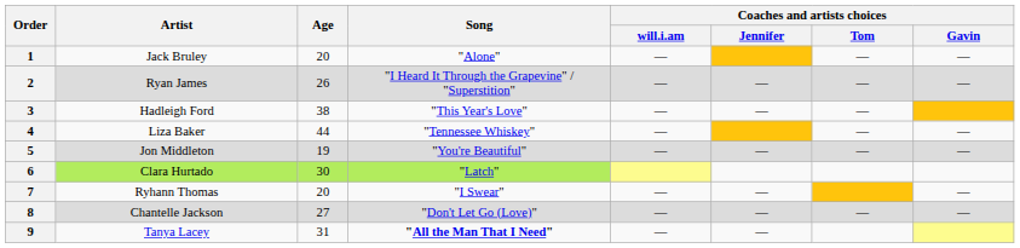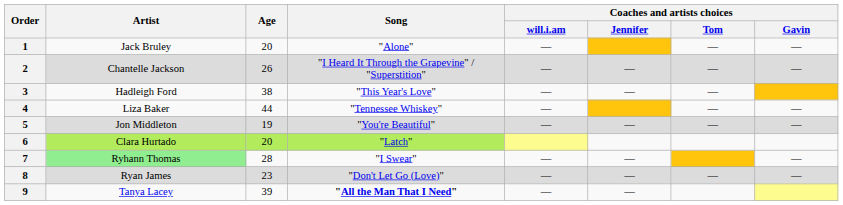 <table class="wikitable" style="text-align:center; width:100%;">
 <tr>
 <th scope="col" rowspan="2" style="width:05%;">Order</th>
 <th scope="col" rowspan="2" style="width:24%;">Artist</th>
 <th scope="col" rowspan="2" style="width:05%;">Age</th>
 <th scope="col" rowspan="2" style="width:26%;">Song</th>
 <th colspan="4" style="width:40%;">Coaches and artists choices</th>
 </tr>
 <tr>
 <th style="width:10%;"><a href='#'>will.i.am</a></th>
 <th style="width:10%;"><a href='#'>Jennifer</a></th>
 <th style="width:10%;"><a href='#'>Tom</a></th>
 <th style="width:10%;"><a href='#'>Gavin</a></th>
 </tr>
 <tr>
 <th>1</th>
 <td>Jack Bruley</td>
 <td>20</td>
 <td>"<a href='#'>Alone</a>"</td>
 <td>—</td>
 <td style="background:#FFC40C;text-align:center;"><strong></strong></td>
 <td>—</td>
 <td>—</td>
 </tr>
 <tr style="background:#DCDCDC">
 <th>2</th>
-<td style="background:#DCDCDC; text-align:center;">Ryan James</td>
+<td style="background:#DCDCDC; text-align:center;">Chantelle Jackson</td>
 <td style="background:#DCDCDC; text-align:center;">26</td>
 <td style="background:#DCDCDC; text-align:center;">"<a href='#'>I Heard It Through the Grapevine</a>" / "<a href='#'>Superstition</a>"</td>
 <td>—</td>
 <td>—</td>
 <td>—</td>
 <td>—</td>
 </tr>
 <tr>
 <th>3</th>
 <td>Hadleigh Ford</td>
 <td>38</td>
 <td>"<a href='#'>This Year's Love</a>"</td>
 <td>—</td>
 <td>—</td>
 <td>—</td>
 <td style="background:#FFC40C;text-align:center;"><strong></strong></td>
 </tr>
 <tr>
 <th>4</th>
 <td>Liza Baker</td>
 <td>44</td>
 <td>"<a href='#'>Tennessee Whiskey</a>"</td>
 <td>—</td>
 <td style="background:#FFC40C;text-align:center;"><strong></strong></td>
 <td>—</td>
 <td>—</td>
 </tr>
 <tr style="background:#DCDCDC">
 <th>5</th>
 <td style="background:#DCDCDC; text-align:center;">Jon Middleton</td>
 <td style="background:#DCDCDC; text-align:center;">19</td>
 <td style="background:#DCDCDC; text-align:center;">"<a href='#'>You're Beautiful</a>"</td>
 <td>—</td>
 <td>—</td>
 <td>—</td>
 <td>—</td>
 </tr>
 <tr>
 <th>6</th>
 <td style="background-color:#B2EC5D;">Clara Hurtado</td>
-<td style="background-color:#B2EC5D;">30</td>
+<td style="background-color:#B2EC5D;">20</td>
 <td style="background-color:#B2EC5D;">"<a href='#'>Latch</a>"</td>
 <td style="background:#fdfc8f;"><strong></strong></td>
 <td><strong></strong></td>
 <td><strong></strong></td>
 <td><strong></strong></td>
 </tr>
 <tr>
 <th>7</th>
-<td>Ryhann Thomas</td>
-<td>20</td>
+<td style="background: lightgreen;">Ryhann Thomas</td>
+<td>28</td>
 <td>"<a href='#'>I Swear</a>"</td>
 <td>—</td>
 <td>—</td>
 <td style="background:#FFC40C;text-align:center;"><strong></strong></td>
 <td>—</td>
 </tr>
 <tr style="background:#DCDCDC">
 <th>8</th>
-<td style="background:#DCDCDC; text-align:center;">Chantelle Jackson</td>
-<td style="background:#DCDCDC; text-align:center;">27</td>
+<td style="background:#DCDCDC; text-align:center;">Ryan James</td>
+<td style="background:#DCDCDC; text-align:center;">23</td>
 <td style="background:#DCDCDC; text-align:center;">"<a href='#'>Don't Let Go (Love)</a>"</td>
 <td>—</td>
 <td>—</td>
 <td>—</td>
 <td>—</td>
 </tr>
 <tr>
 <th>9</th>
 <td><a href='#'>Tanya Lacey</a></td>
-<td>31</td>
+<td>39</td>
 <td><strong>"<a href='#'>All the Man That I Need</a>"</strong></td>
 <td>—</td>
 <td>—</td>
 <td><strong></strong></td>
 <td style="background:#fdfc8f;"><strong></strong></td>
 </tr>
 </table>
